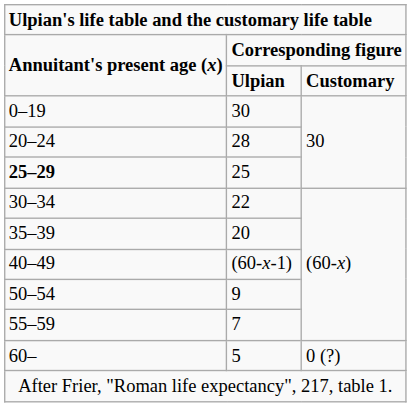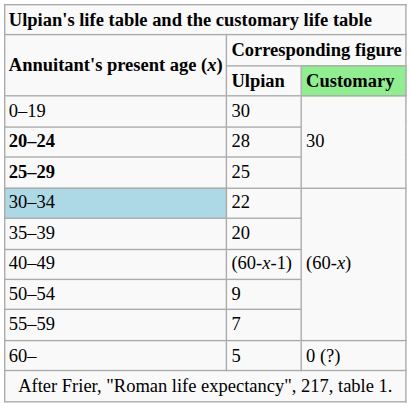 <table class="wikitable" style="margin: 1em auto; font-size: 85%;">
 <tr>
 <td colspan="3"><strong>Ulpian's life table and the customary life table</strong></td>
 </tr>
 <tr>
 <td rowspan = "2"><strong>Annuitant's present age (<em>x</em>)</strong></td>
 <td colspan = "2"><strong>Corresponding figure</strong></td>
 </tr>
 <tr>
 <td><strong>Ulpian</strong></td>
-<td><strong>Customary</strong></td>
+<td style="background: lightgreen;"><strong>Customary</strong></td>
 </tr>
 <tr>
 <td>0–19</td>
 <td>30</td>
 <td rowspan = "3">30</td>
 </tr>
 <tr>
-<td>20–24</td>
+<td><strong>20–24</strong></td>
 <td>28</td>
 </tr>
 <tr>
 <td><strong>25–29</strong></td>
 <td>25</td>
 </tr>
 <tr>
-<td>30–34</td>
+<td style="background: lightblue;">30–34</td>
 <td>22</td>
 <td rowspan = "5">(60-<em>x</em>)</td>
 </tr>
 <tr>
 <td>35–39</td>
 <td>20</td>
 </tr>
 <tr>
 <td>40–49</td>
 <td>(60-<em>x</em>-1)</td>
 </tr>
 <tr>
 <td>50–54</td>
 <td>9</td>
 </tr>
 <tr>
 <td>55–59</td>
 <td>7</td>
 </tr>
 <tr>
 <td>60–</td>
 <td>5</td>
 <td>0 (?)</td>
 </tr>
 <tr>
 <td colspan = "7" align="center">After Frier, "Roman life expectancy", 217, table 1.</td>
 </tr>
 </table>
